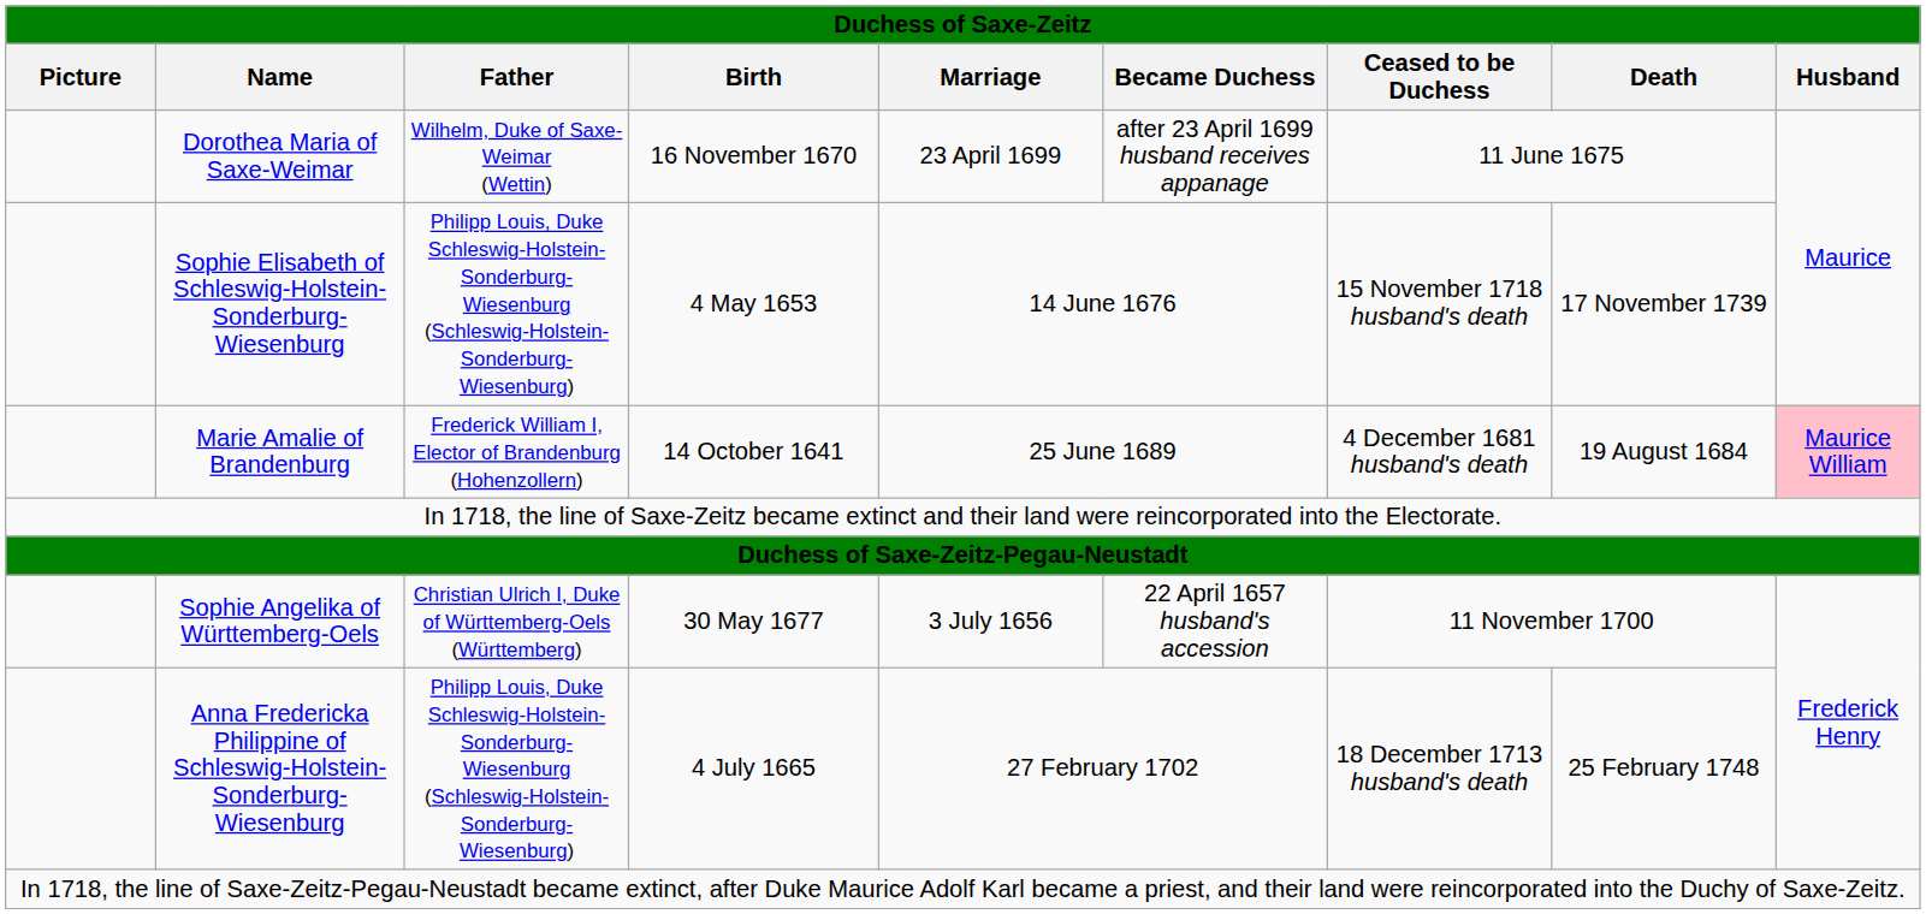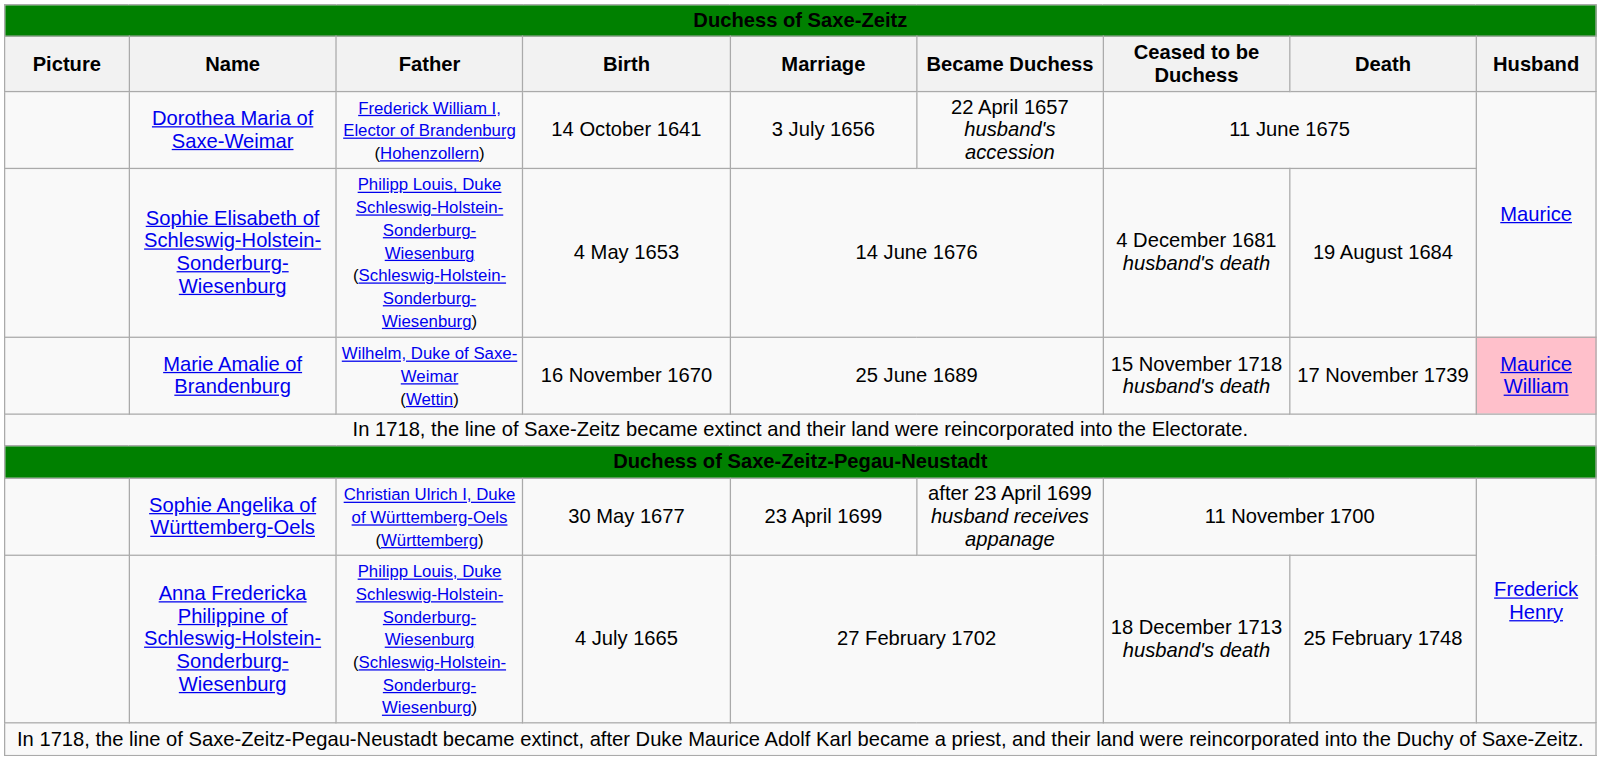 <table width=100% class="wikitable">
 <tr>
 <td colspan="9" bgcolor=green align=center><strong><span>Duchess of Saxe-Zeitz</span></strong></td>
 </tr>
 <tr>
 <th width = "6%">Picture</th>
 <th width = "10%">Name</th>
 <th width = "9%">Father</th>
 <th width = "10%">Birth</th>
 <th width = "9%">Marriage</th>
 <th width = "9%">Became Duchess</th>
 <th width = "9%">Ceased to be Duchess</th>
 <th width = "9%">Death</th>
 <th width = "5%">Husband</th>
 </tr>
 <tr>
 <td align="center"></td>
 <td align="center"><a href='#'>Dorothea Maria of Saxe-Weimar</a></td>
-<td align="center"><small><a href='#'>Wilhelm, Duke of Saxe-Weimar</a><br>(<a href='#'>Wettin</a>)</small></td>
-<td align="center">16 November 1670</td>
-<td align="center">23 April 1699</td>
-<td align="center">after 23 April 1699<br><em>husband receives appanage</em></td>
+<td align="center"><small><a href='#'>Frederick William I, Elector of Brandenburg</a><br>(<a href='#'>Hohenzollern</a>)</small></td>
+<td align="center">14 October 1641</td>
+<td align="center">3 July 1656</td>
+<td align="center">22 April 1657<br><em>husband's accession</em></td>
 <td align="center" colspan="2">11 June 1675</td>
 <td align="center" rowspan="2"><a href='#'>Maurice</a></td>
 </tr>
 <tr>
 <td align="center"></td>
 <td align="center"><a href='#'>Sophie Elisabeth of Schleswig-Holstein-Sonderburg-Wiesenburg</a></td>
 <td align="center"><small><a href='#'>Philipp Louis, Duke Schleswig-Holstein-Sonderburg-Wiesenburg</a><br>(<a href='#'>Schleswig-Holstein-Sonderburg-Wiesenburg</a>)</small></td>
 <td align="center">4 May 1653</td>
 <td align="center" colspan="2">14 June 1676</td>
-<td align="center">15 November 1718<br><em>husband's death</em></td>
-<td align="center">17 November 1739</td>
+<td align="center">4 December 1681<br><em>husband's death</em></td>
+<td align="center">19 August 1684</td>
 </tr>
 <tr>
 <td align="center"></td>
 <td align="center"><a href='#'>Marie Amalie of Brandenburg</a></td>
-<td align="center"><small><a href='#'>Frederick William I, Elector of Brandenburg</a><br>(<a href='#'>Hohenzollern</a>)</small></td>
-<td align="center">14 October 1641</td>
+<td align="center"><small><a href='#'>Wilhelm, Duke of Saxe-Weimar</a><br>(<a href='#'>Wettin</a>)</small></td>
+<td align="center">16 November 1670</td>
 <td align="center" colspan="2">25 June 1689</td>
-<td align="center">4 December 1681<br><em>husband's death</em></td>
-<td align="center">19 August 1684</td>
+<td align="center">15 November 1718<br><em>husband's death</em></td>
+<td align="center">17 November 1739</td>
 <td align="center" style="background: pink;"><a href='#'>Maurice William</a></td>
 </tr>
 <tr>
 <td align="center" colspan="9">In 1718, the line of Saxe-Zeitz became extinct and their land were reincorporated into the Electorate.</td>
 </tr>
 <tr>
 <td colspan="9" bgcolor=green align=center><strong><span>Duchess of Saxe-Zeitz-Pegau-Neustadt</span></strong></td>
 </tr>
 <tr>
 <td align="center"></td>
 <td align="center"><a href='#'>Sophie Angelika of Württemberg-Oels</a></td>
 <td align="center"><small><a href='#'>Christian Ulrich I, Duke of Württemberg-Oels</a><br>(<a href='#'>Württemberg</a>)</small></td>
 <td align="center">30 May 1677</td>
-<td align="center">3 July 1656</td>
-<td align="center">22 April 1657<br><em>husband's accession</em></td>
+<td align="center">23 April 1699</td>
+<td align="center">after 23 April 1699<br><em>husband receives appanage</em></td>
 <td align="center" colspan="2">11 November 1700</td>
 <td align="center" rowspan="2"><a href='#'>Frederick Henry</a></td>
 </tr>
 <tr>
 <td align="center"></td>
 <td align="center"><a href='#'>Anna Fredericka Philippine of Schleswig-Holstein-Sonderburg-Wiesenburg</a></td>
 <td align="center"><small><a href='#'>Philipp Louis, Duke Schleswig-Holstein-Sonderburg-Wiesenburg</a><br>(<a href='#'>Schleswig-Holstein-Sonderburg-Wiesenburg</a>)</small></td>
 <td align="center">4 July 1665</td>
 <td align="center" colspan="2">27 February 1702</td>
 <td align="center">18 December 1713<br><em>husband's death</em></td>
 <td align="center">25 February 1748</td>
 </tr>
 <tr>
 <td align="center" colspan="9">In 1718, the line of Saxe-Zeitz-Pegau-Neustadt became extinct, after Duke Maurice Adolf Karl became a priest, and their land were reincorporated into the Duchy of Saxe-Zeitz.</td>
 </tr>
 <tr>
 </tr>
 </table>
